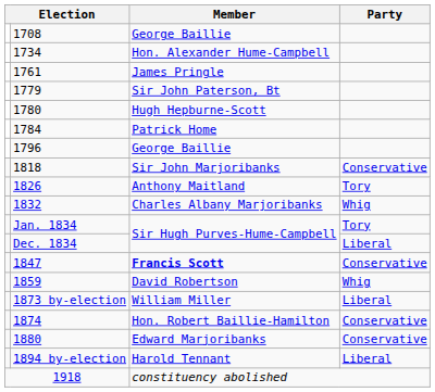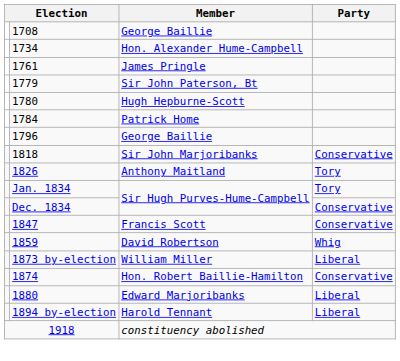 <table class="wikitable">
 <tr>
 <th colspan="2">Election</th>
 <th>Member</th>
 <th>Party</th>
 </tr>
 <tr>
 <td style="color:inherit;background-color: white"></td>
 <td>1708</td>
 <td><a href='#'>George Baillie</a></td>
 <td></td>
 </tr>
 <tr>
 <td style="color:inherit;background-color: white"></td>
 <td>1734</td>
 <td><a href='#'>Hon. Alexander Hume-Campbell</a></td>
 <td></td>
 </tr>
 <tr>
 <td style="color:inherit;background-color: white"></td>
 <td>1761</td>
 <td><a href='#'>James Pringle</a></td>
 <td></td>
 </tr>
 <tr>
 <td style="color:inherit;background-color: white"></td>
 <td>1779</td>
 <td><a href='#'>Sir John Paterson, Bt</a></td>
 <td></td>
 </tr>
 <tr>
 <td style="color:inherit;background-color: white"></td>
 <td>1780</td>
 <td><a href='#'>Hugh Hepburne-Scott</a></td>
 <td></td>
 </tr>
 <tr>
 <td style="color:inherit;background-color: white"></td>
 <td>1784</td>
 <td><a href='#'>Patrick Home</a></td>
 <td></td>
 </tr>
 <tr>
 <td style="color:inherit;background-color: white"></td>
 <td>1796</td>
 <td><a href='#'>George Baillie</a></td>
 <td></td>
 </tr>
 <tr>
 <td style="color:inherit;background-color: "></td>
 <td>1818</td>
 <td><a href='#'>Sir John Marjoribanks</a></td>
 <td><a href='#'>Conservative</a></td>
 </tr>
 <tr>
 <td style="color:inherit;background-color: "></td>
 <td><a href='#'>1826</a></td>
 <td><a href='#'>Anthony Maitland</a></td>
 <td><a href='#'>Tory</a></td>
 </tr>
 <tr>
 <td style="color:inherit;background-color: "></td>
-<td><a href='#'>1832</a></td>
-<td><a href='#'>Charles Albany Marjoribanks</a></td>
-<td><a href='#'>Whig</a></td>
-</tr>
-<tr>
-<td style="color:inherit;background-color: "></td>
 <td><a href='#'>Jan. 1834</a></td>
 <td rowspan="2"><a href='#'>Sir Hugh Purves-Hume-Campbell</a></td>
 <td><a href='#'>Tory</a></td>
 </tr>
 <tr>
 <td style="color:inherit;background-color: "></td>
 <td><a href='#'>Dec. 1834</a></td>
-<td><a href='#'>Liberal</a></td>
+<td><a href='#'>Conservative</a></td>
 </tr>
 <tr>
 <td style="color:inherit;background-color: "></td>
 <td><a href='#'>1847</a></td>
-<td><strong><a href='#'>Francis Scott</a></strong></td>
+<td><a href='#'>Francis Scott</a></td>
 <td><a href='#'>Conservative</a></td>
 </tr>
 <tr>
 <td style="color:inherit;background-color: "></td>
 <td><a href='#'>1859</a></td>
 <td><a href='#'>David Robertson</a></td>
 <td><a href='#'>Whig</a></td>
 </tr>
 <tr>
 <td style="color:inherit;background-color: "></td>
 <td><a href='#'>1873 by-election</a></td>
 <td><a href='#'>William Miller</a></td>
 <td><a href='#'>Liberal</a></td>
 </tr>
 <tr>
 <td style="color:inherit;background-color: "></td>
 <td><a href='#'>1874</a></td>
 <td><a href='#'>Hon. Robert Baillie-Hamilton</a></td>
 <td><a href='#'>Conservative</a></td>
 </tr>
 <tr>
 <td style="color:inherit;background-color: "></td>
 <td><a href='#'>1880</a></td>
 <td><a href='#'>Edward Marjoribanks</a></td>
-<td><a href='#'>Conservative</a></td>
+<td><a href='#'>Liberal</a></td>
 </tr>
 <tr>
 <td style="color:inherit;background-color: "></td>
 <td><a href='#'>1894 by-election</a></td>
 <td><a href='#'>Harold Tennant</a></td>
 <td><a href='#'>Liberal</a></td>
 </tr>
 <tr>
 <td colspan="2" align="center"><a href='#'>1918</a></td>
 <td colspan="2"><em>constituency abolished</em></td>
 </tr>
 </table>
